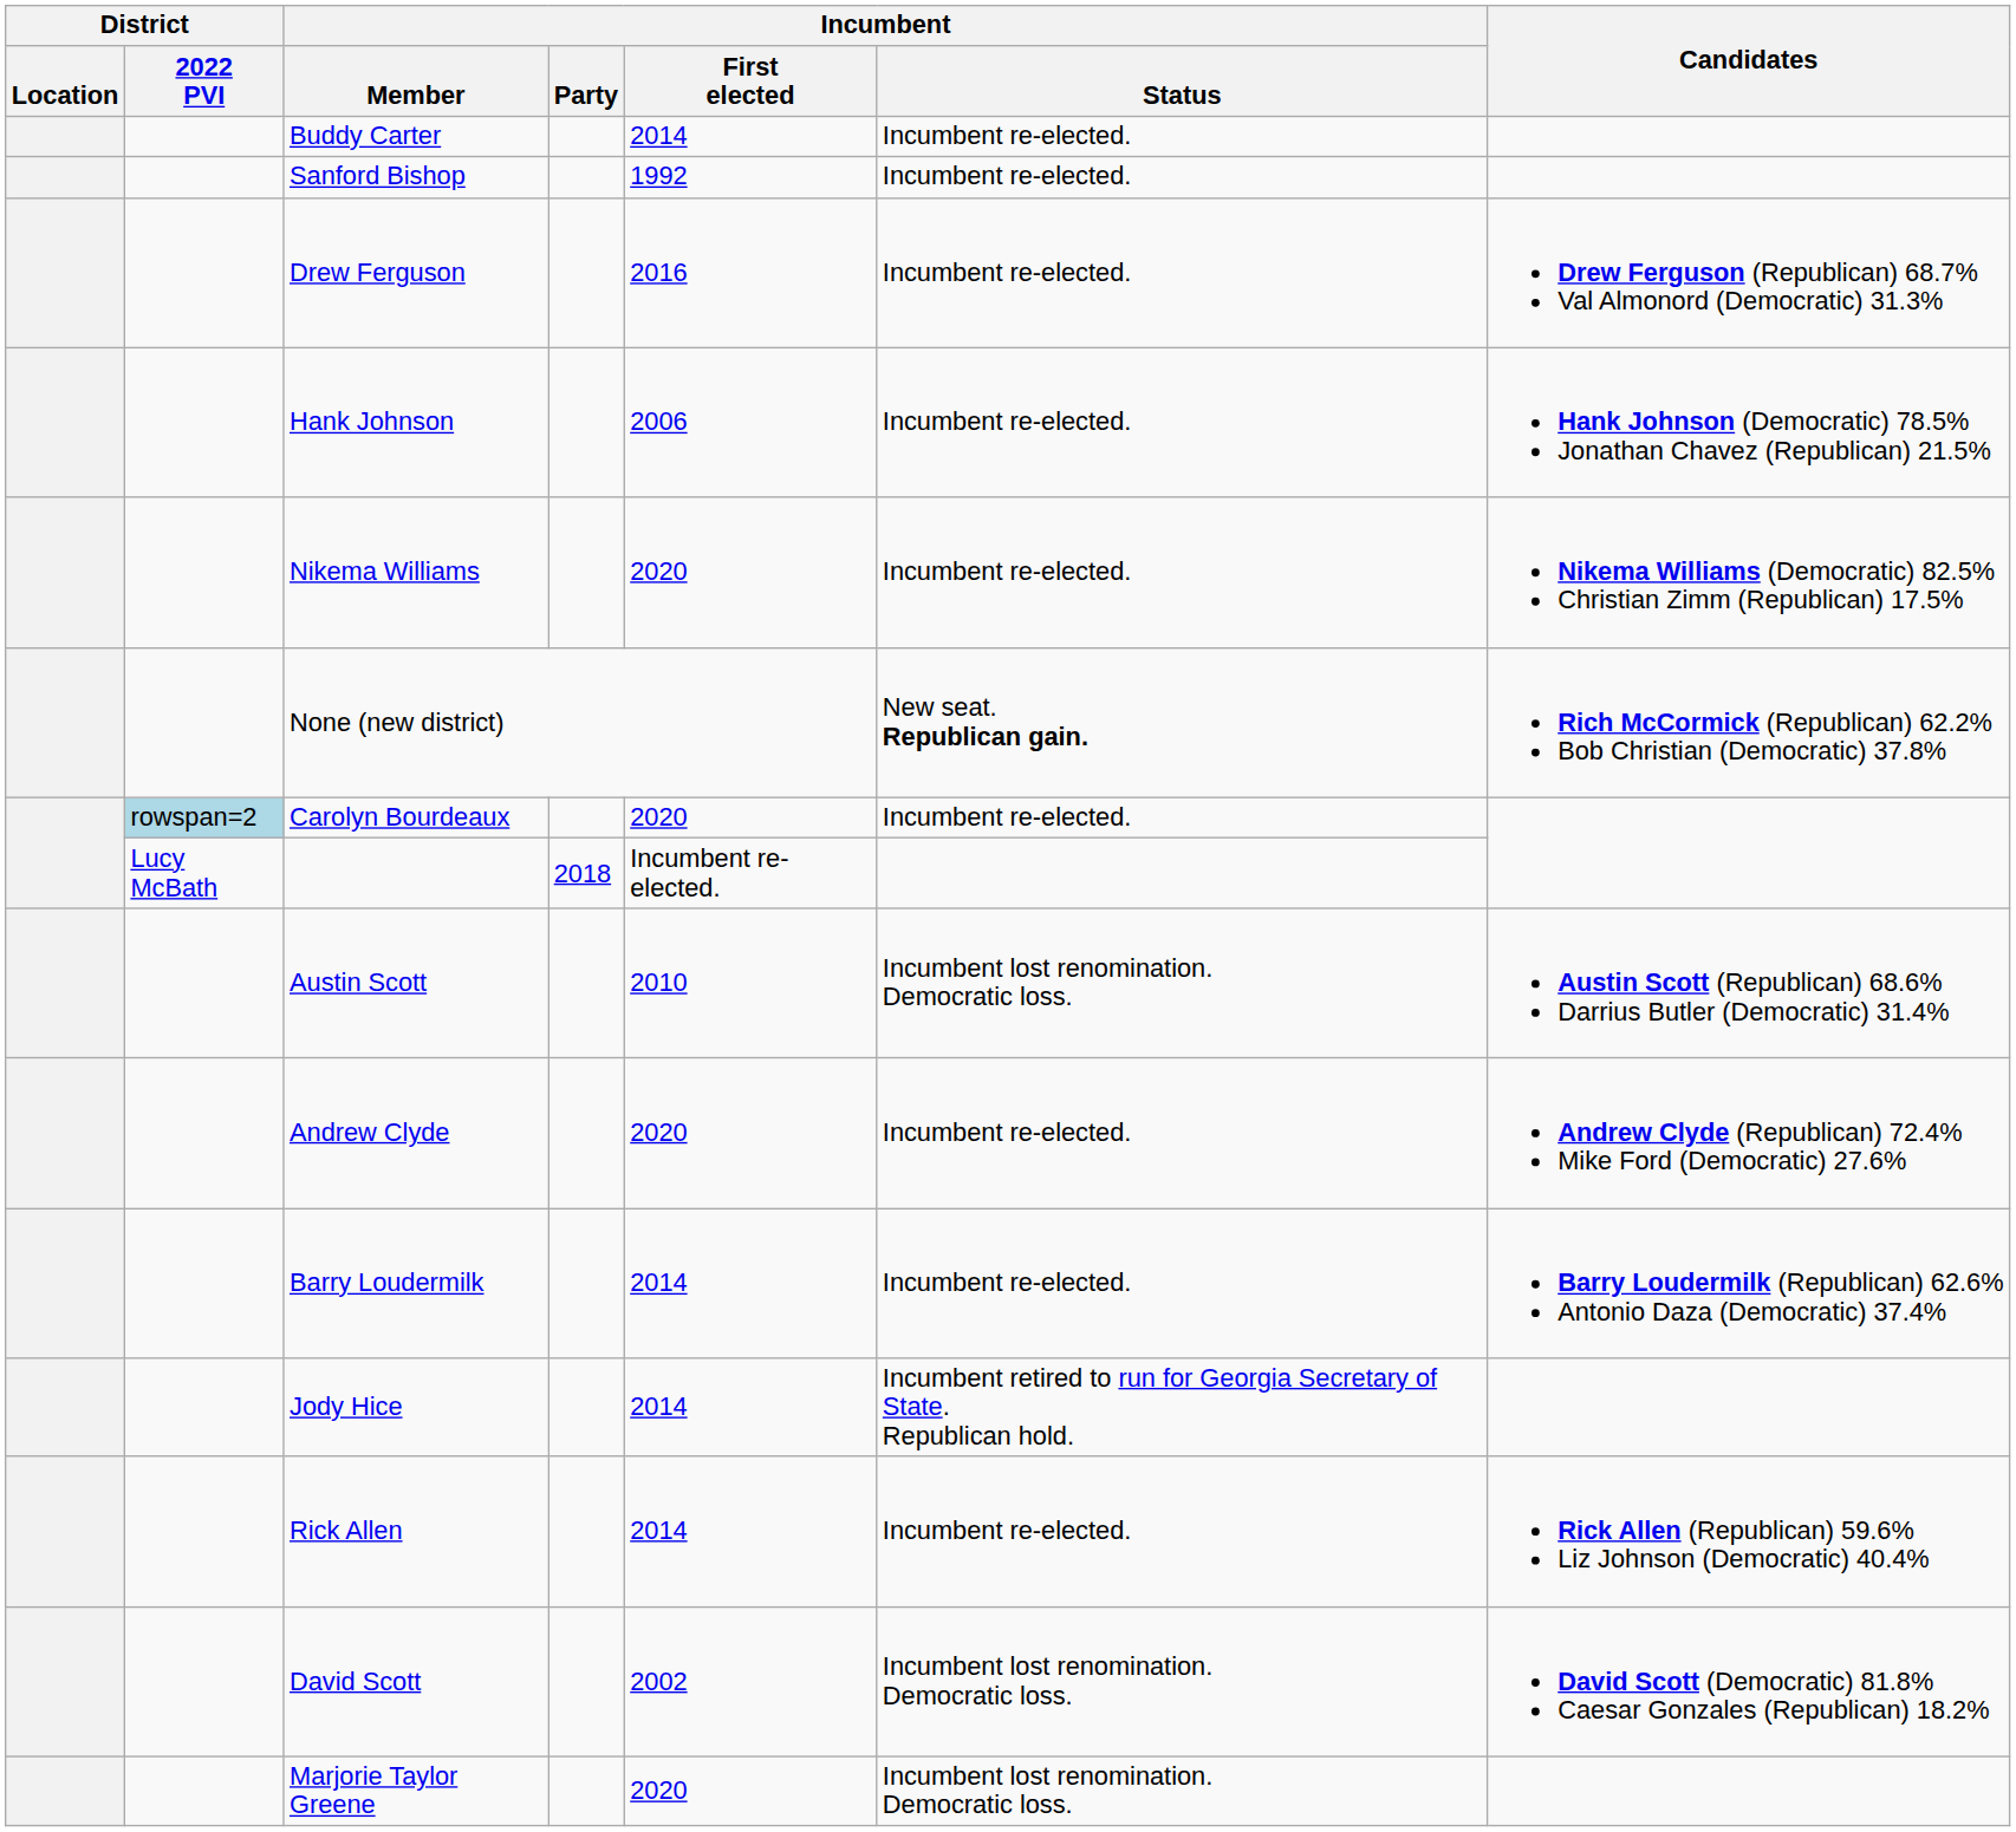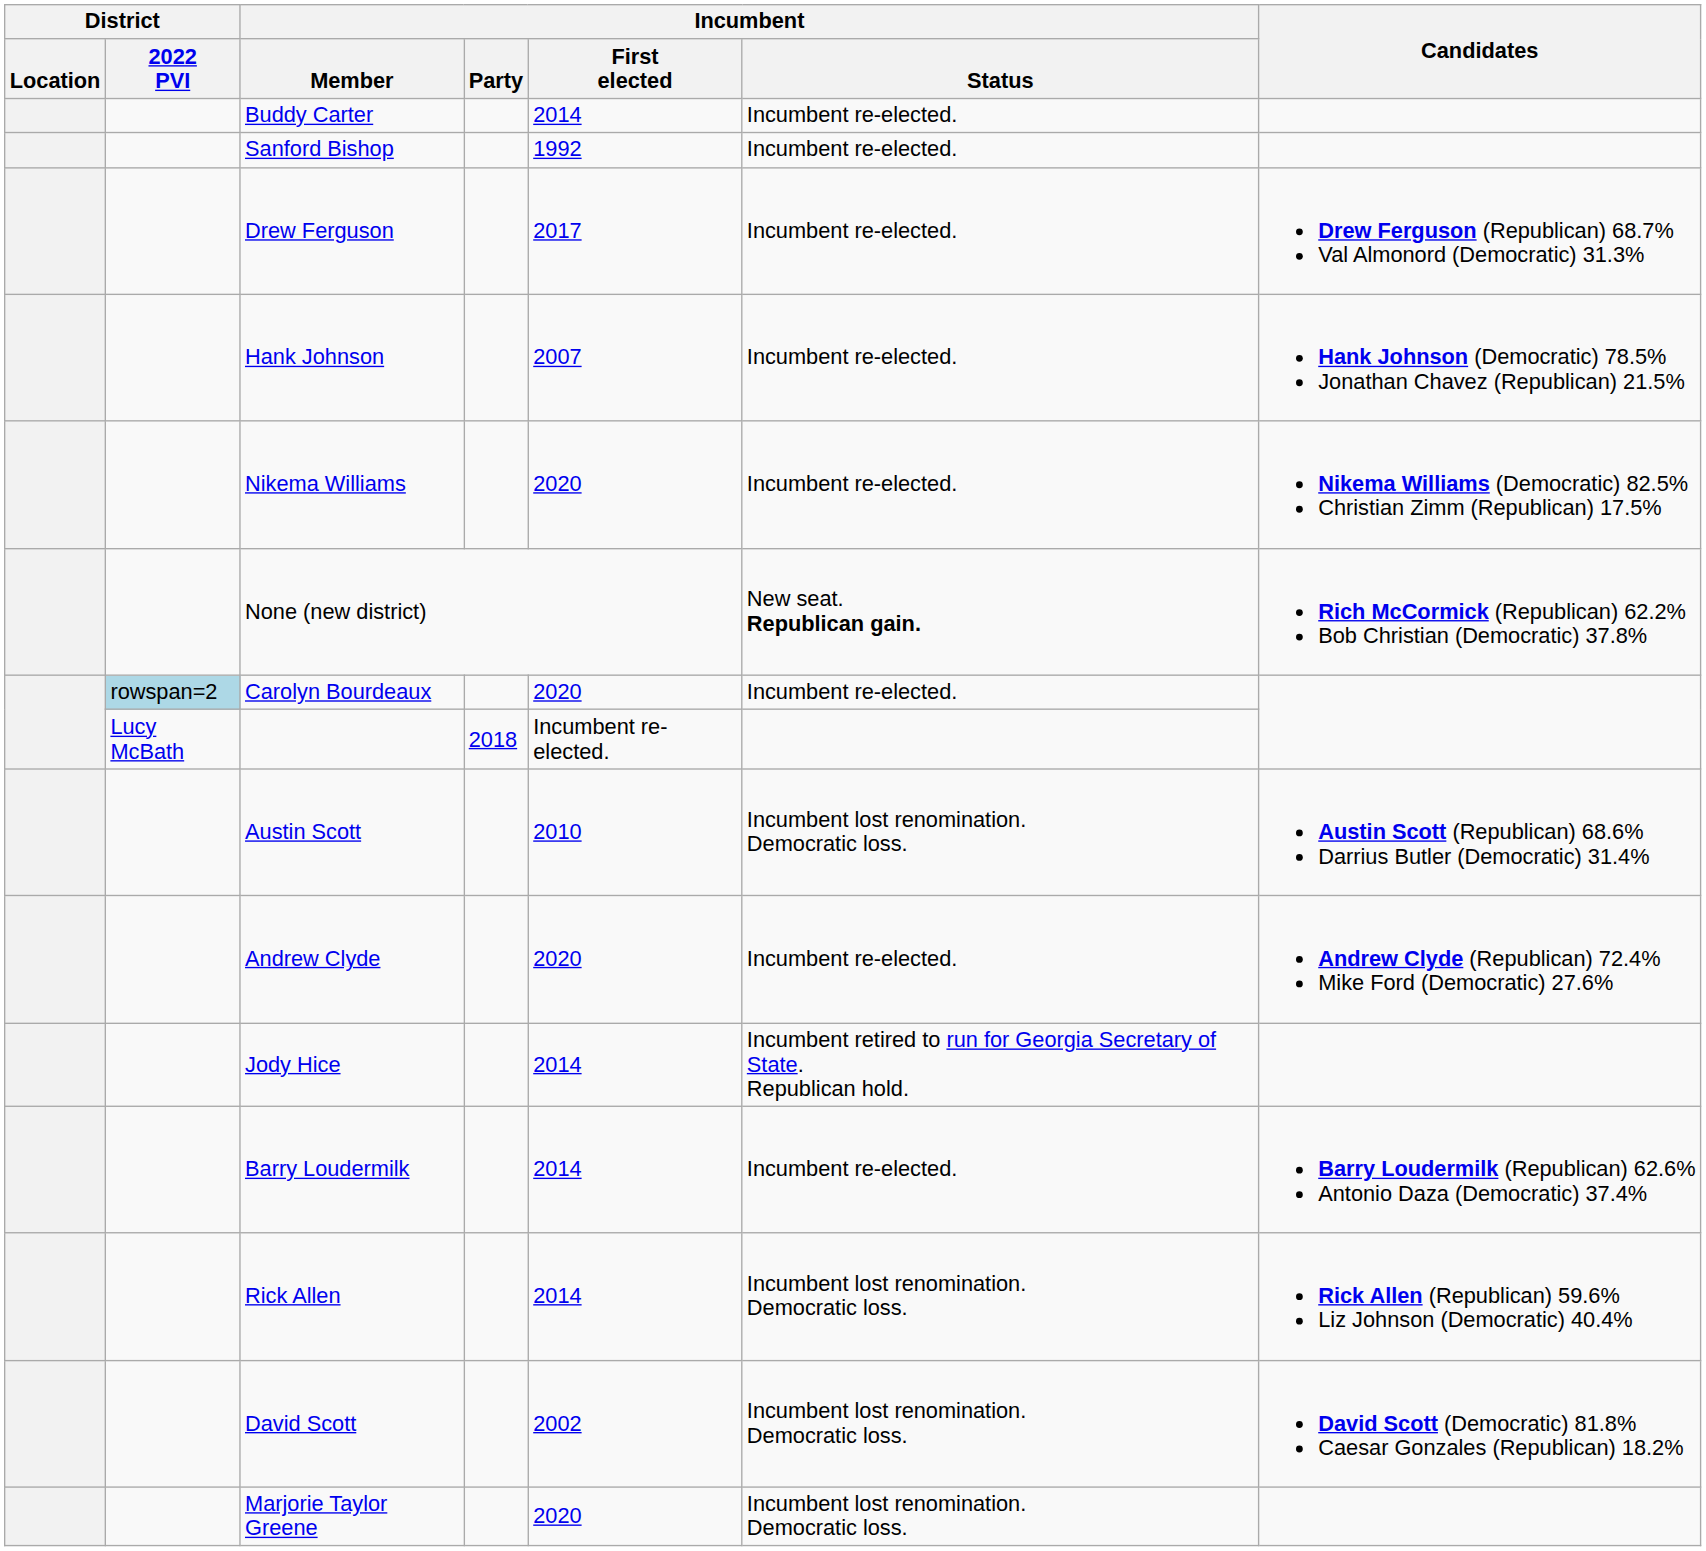 <table class="wikitable sortable">
 <tr>
 <th colspan=2>District</th>
 <th colspan=4>Incumbent</th>
 <th rowspan=2 class="unsortable">Candidates</th>
 </tr>
 <tr valign=bottom>
 <th>Location</th>
 <th><a href='#'>2022<br>PVI</a></th>
 <th>Member</th>
 <th>Party</th>
 <th>First<br>elected</th>
 <th>Status</th>
 </tr>
 <tr>
 <th></th>
 <td></td>
 <td><a href='#'>Buddy Carter</a></td>
 <td></td>
 <td><a href='#'>2014</a></td>
 <td>Incumbent re-elected.</td>
 <td nowrap></td>
 </tr>
 <tr>
 <th></th>
 <td></td>
 <td><a href='#'>Sanford Bishop</a></td>
 <td></td>
 <td><a href='#'>1992</a></td>
 <td>Incumbent re-elected.</td>
 <td nowrap></td>
 </tr>
 <tr>
 <th></th>
 <td></td>
 <td><a href='#'>Drew Ferguson</a></td>
 <td></td>
-<td><a href='#'>2016</a></td>
+<td><a href='#'>2017</a></td>
 <td>Incumbent re-elected.</td>
 <td nowrap><br><ul><li> <strong><a href='#'>Drew Ferguson</a></strong> (Republican) 68.7%</li><li>Val Almonord (Democratic) 31.3%</li></ul></td>
 </tr>
 <tr>
 <th></th>
 <td></td>
 <td><a href='#'>Hank Johnson</a></td>
 <td></td>
-<td><a href='#'>2006</a></td>
+<td><a href='#'>2007</a></td>
 <td>Incumbent re-elected.</td>
 <td nowrap><br><ul><li> <strong><a href='#'>Hank Johnson</a></strong> (Democratic) 78.5%</li><li>Jonathan Chavez (Republican) 21.5%</li></ul></td>
 </tr>
 <tr>
 <th></th>
 <td></td>
 <td><a href='#'>Nikema Williams</a></td>
 <td></td>
 <td><a href='#'>2020</a></td>
 <td>Incumbent re-elected.</td>
 <td nowrap><br><ul><li> <strong><a href='#'>Nikema Williams</a></strong> (Democratic) 82.5%</li><li>Christian Zimm (Republican) 17.5%</li></ul></td>
 </tr>
 <tr>
 <th></th>
 <td></td>
 <td colspan=3>None (new district)</td>
 <td>New seat.<br><strong>Republican gain.</strong></td>
 <td nowrap><br><ul><li> <strong><a href='#'>Rich McCormick</a></strong> (Republican) 62.2%</li><li>Bob Christian (Democratic) 37.8%</li></ul></td>
 </tr>
 <tr>
 <th rowspan=2></th>
 <td style="background: lightblue;">rowspan=2 </td>
 <td><a href='#'>Carolyn Bourdeaux</a></td>
 <td></td>
 <td><a href='#'>2020</a></td>
 <td>Incumbent re-elected.</td>
 <td rowspan=2 nowrap></td>
 </tr>
 <tr>
 <td><a href='#'>Lucy McBath</a><br></td>
 <td></td>
 <td><a href='#'>2018</a></td>
 <td>Incumbent re-elected.</td>
 </tr>
 <tr>
 <th></th>
 <td></td>
 <td><a href='#'>Austin Scott</a></td>
 <td></td>
 <td><a href='#'>2010</a></td>
 <td>Incumbent lost renomination.<br>Democratic loss.</td>
 <td nowrap><br><ul><li> <strong><a href='#'>Austin Scott</a></strong> (Republican) 68.6%</li><li>Darrius Butler (Democratic) 31.4%</li></ul></td>
 </tr>
 <tr>
 <th></th>
 <td></td>
 <td><a href='#'>Andrew Clyde</a></td>
 <td></td>
 <td><a href='#'>2020</a></td>
 <td>Incumbent re-elected.</td>
 <td nowrap><br><ul><li> <strong><a href='#'>Andrew Clyde</a></strong> (Republican) 72.4%</li><li>Mike Ford (Democratic) 27.6%</li></ul></td>
 </tr>
 <tr>
 <th></th>
 <td></td>
+<td><a href='#'>Jody Hice</a></td>
+<td></td>
+<td><a href='#'>2014</a></td>
+<td>Incumbent retired to <a href='#'>run for Georgia Secretary of State</a>.<br>Republican hold.</td>
+<td nowrap></td>
+</tr>
+<tr>
+<th></th>
+<td></td>
 <td><a href='#'>Barry Loudermilk</a></td>
 <td></td>
 <td><a href='#'>2014</a></td>
 <td>Incumbent re-elected.</td>
 <td nowrap><br><ul><li> <strong><a href='#'>Barry Loudermilk</a></strong> (Republican) 62.6%</li><li>Antonio Daza (Democratic) 37.4%</li></ul></td>
 </tr>
 <tr>
 <th></th>
 <td></td>
-<td><a href='#'>Jody Hice</a></td>
-<td></td>
-<td><a href='#'>2014</a></td>
-<td>Incumbent retired to <a href='#'>run for Georgia Secretary of State</a>.<br>Republican hold.</td>
-<td nowrap></td>
-</tr>
-<tr>
-<th></th>
-<td></td>
 <td><a href='#'>Rick Allen</a></td>
 <td></td>
 <td><a href='#'>2014</a></td>
-<td>Incumbent re-elected.</td>
+<td>Incumbent lost renomination.<br>Democratic loss.</td>
 <td nowrap><br><ul><li> <strong><a href='#'>Rick Allen</a></strong> (Republican) 59.6%</li><li>Liz Johnson (Democratic) 40.4%</li></ul></td>
 </tr>
 <tr>
 <th></th>
 <td></td>
 <td><a href='#'>David Scott</a></td>
 <td></td>
 <td><a href='#'>2002</a></td>
 <td>Incumbent lost renomination.<br>Democratic loss.</td>
 <td nowrap><br><ul><li> <strong><a href='#'>David Scott</a></strong> (Democratic) 81.8%</li><li>Caesar Gonzales (Republican) 18.2%</li></ul></td>
 </tr>
 <tr>
 <th></th>
 <td></td>
 <td><a href='#'>Marjorie Taylor Greene</a></td>
 <td></td>
 <td><a href='#'>2020</a></td>
 <td>Incumbent lost renomination.<br>Democratic loss.</td>
 <td nowrap></td>
 </tr>
 </table>
